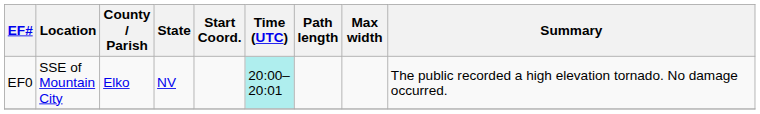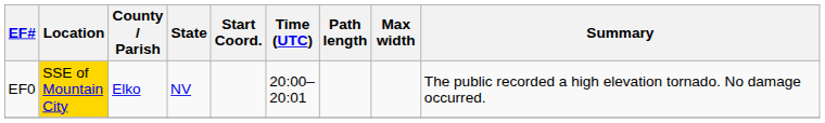 <table class="wikitable sortable" style="width:100%;">
 <tr>
 <th scope="col"  style="width:3%; text-align:center;"><a href='#'>EF#</a></th>
 <th scope="col"  style="width:7%; text-align:center;" class="unsortable">Location</th>
 <th scope="col"  style="width:6%; text-align:center;" class="unsortable">County / Parish</th>
 <th scope="col"  style="width:5%; text-align:center;">State</th>
 <th scope="col"  style="width:6%; text-align:center;">Start Coord.</th>
 <th scope="col"  style="width:6%; text-align:center;">Time (<a href='#'>UTC</a>)</th>
 <th scope="col"  style="width:6%; text-align:center;">Path length</th>
 <th scope="col"  style="width:6%; text-align:center;">Max width</th>
 <th scope="col" class="unsortable" style="width:48%; text-align:center;">Summary</th>
 </tr>
 <tr>
 <td bgcolor=>EF0</td>
-<td>SSE of <a href='#'>Mountain City</a></td>
+<td style="background: gold;">SSE of <a href='#'>Mountain City</a></td>
 <td><a href='#'>Elko</a></td>
 <td><a href='#'>NV</a></td>
 <td></td>
-<td style="background: paleturquoise;">20:00–20:01</td>
+<td>20:00–20:01</td>
 <td></td>
 <td></td>
 <td>The public recorded a high elevation tornado. No damage occurred.</td>
 </tr>
 <tr>
 </tr>
 </table>
